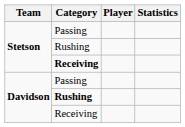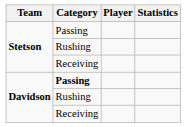 <table class="wikitable" style="float: right;">
 <tr>
 <th>Team</th>
 <th>Category</th>
 <th>Player</th>
 <th>Statistics</th>
 </tr>
 <tr>
 <td rowspan=3><strong>Stetson</strong></td>
 <td>Passing</td>
 <td></td>
 <td></td>
 </tr>
 <tr>
 <td>Rushing</td>
 <td></td>
 <td></td>
 </tr>
 <tr>
-<td><strong>Receiving</strong></td>
+<td>Receiving</td>
 <td></td>
 <td></td>
 </tr>
 <tr>
 <td rowspan=3><strong>Davidson</strong></td>
-<td>Passing</td>
+<td><strong>Passing</strong></td>
 <td></td>
 <td></td>
 </tr>
 <tr>
-<td><strong>Rushing</strong></td>
+<td>Rushing</td>
 <td></td>
 <td></td>
 </tr>
 <tr>
 <td>Receiving</td>
 <td></td>
 <td></td>
 </tr>
 </table>
